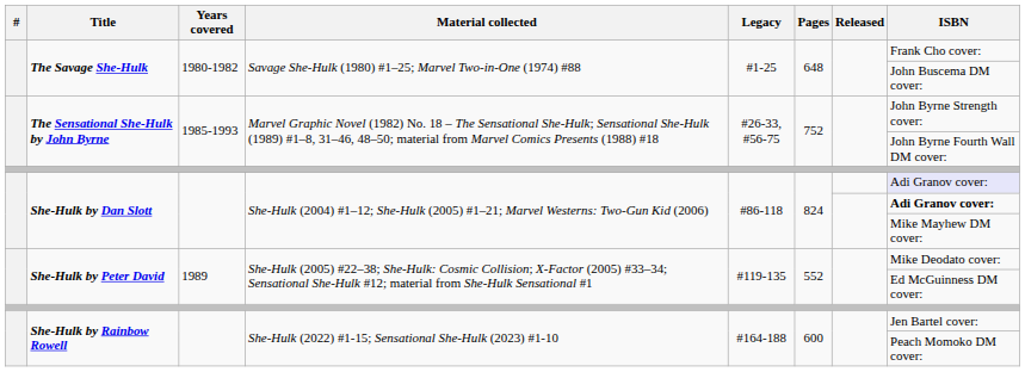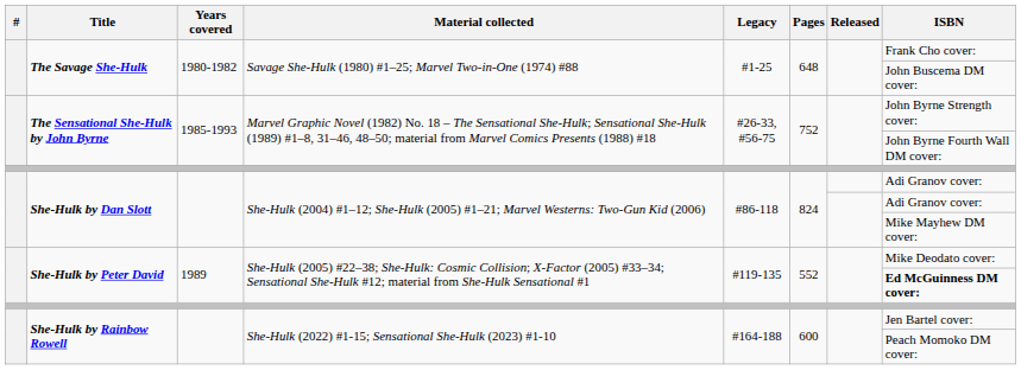 <table class="wikitable sortable" width="99%">
 <tr>
 <th class="unsortable" width="20px">#</th>
 <th>Title</th>
 <th>Years covered</th>
 <th class="unsortable">Material collected</th>
 <th>Legacy</th>
 <th>Pages</th>
 <th>Released</th>
 <th class="unsortable">ISBN</th>
 </tr>
 <tr>
 <th rowspan=2 style="background-color: light grey;"></th>
 <td rowspan=2><strong><em>The Savage <a href='#'>She-Hulk</a></em></strong></td>
 <td rowspan=2>1980-1982</td>
 <td rowspan=2><em>Savage She-Hulk</em> (1980) #1–25; <em>Marvel Two-in-One</em> (1974) #88</td>
 <td rowspan=2 style="text-align: center;">#1-25</td>
 <td rowspan=2 style="text-align: center;">648</td>
 <td rowspan=2></td>
 <td>Frank Cho cover: </td>
 </tr>
 <tr>
 <td>John Buscema DM cover: </td>
 </tr>
 <tr>
 <th rowspan=2 style="background-color: light grey;"></th>
 <td rowspan=2><strong><em>The <a href='#'>Sensational She-Hulk</a> by <a href='#'>John Byrne</a></em></strong></td>
 <td rowspan=2>1985-1993</td>
 <td rowspan=2><em>Marvel Graphic Novel</em> (1982) No. 18 – <em>The Sensational She-Hulk</em>; <em>Sensational She-Hulk</em> (1989) #1–8, 31–46, 48–50; material from <em>Marvel Comics Presents</em> (1988) #18</td>
 <td rowspan=2 style="text-align: center;">#26-33, #56-75</td>
 <td rowspan=2 style="text-align: center;">752</td>
 <td rowspan=2></td>
 <td>John Byrne Strength cover: </td>
 </tr>
 <tr>
 <td>John Byrne Fourth Wall DM cover: </td>
 </tr>
 <tr>
 <th colspan=8 style="background-color: silver;"></th>
 </tr>
 <tr>
 <th rowspan=3 style="background-color: light grey;"></th>
 <td rowspan=3><strong><em>She-Hulk by <a href='#'>Dan Slott</a></em></strong></td>
 <td rowspan=3></td>
 <td rowspan=3><em>She-Hulk</em> (2004) #1–12; <em>She-Hulk</em> (2005) #1–21; <em>Marvel Westerns: Two-Gun Kid</em> (2006)</td>
 <td rowspan=3 style="text-align: center;">#86-118</td>
 <td rowspan=3 style="text-align: center;">824</td>
 <td></td>
-<td style="background: lavender;">Adi Granov cover: </td>
+<td>Adi Granov cover: </td>
 </tr>
 <tr>
 <td rowspan=2></td>
-<td><strong>Adi Granov cover: </strong></td>
+<td>Adi Granov cover: </td>
 </tr>
 <tr>
 <td>Mike Mayhew DM cover: </td>
 </tr>
 <tr>
 <th rowspan=2 style="background-color: light grey;"></th>
 <td rowspan=2><strong><em>She-Hulk by <a href='#'>Peter David</a></em></strong></td>
 <td rowspan=2> 1989</td>
 <td rowspan=2><em>She-Hulk</em> (2005) #22–38; <em>She-Hulk: Cosmic Collision</em>; <em>X-Factor</em> (2005) #33–34; <em>Sensational She-Hulk</em> #12; material from <em>She-Hulk Sensational</em> #1</td>
 <td rowspan=2 style="text-align: center;">#119-135</td>
 <td rowspan=2 style="text-align: center;">552</td>
 <td rowspan=2></td>
 <td>Mike Deodato cover: </td>
 </tr>
 <tr>
-<td>Ed McGuinness DM cover: </td>
+<td><strong>Ed McGuinness DM cover: </strong></td>
 </tr>
 <tr>
 <th colspan=8 style="background-color: silver;"></th>
 </tr>
 <tr>
 <th rowspan=2 style="background-color: light grey;"></th>
 <td rowspan=2><strong><em>She-Hulk by <a href='#'>Rainbow Rowell</a></em></strong></td>
 <td rowspan=2></td>
 <td rowspan=2><em>She-Hulk</em> (2022) #1-15; <em>Sensational She-Hulk</em> (2023) #1-10</td>
 <td rowspan=3 style="text-align: center;">#164-188</td>
 <td rowspan=2 style="text-align: center;">600</td>
 <td rowspan=2></td>
 <td>Jen Bartel cover: </td>
 </tr>
 <tr>
 <td>Peach Momoko DM cover: </td>
 </tr>
 </table>
